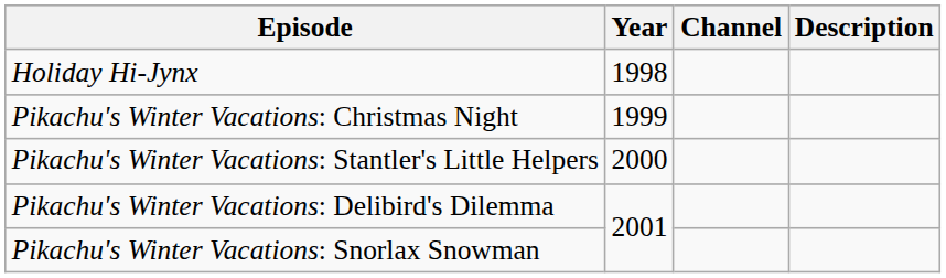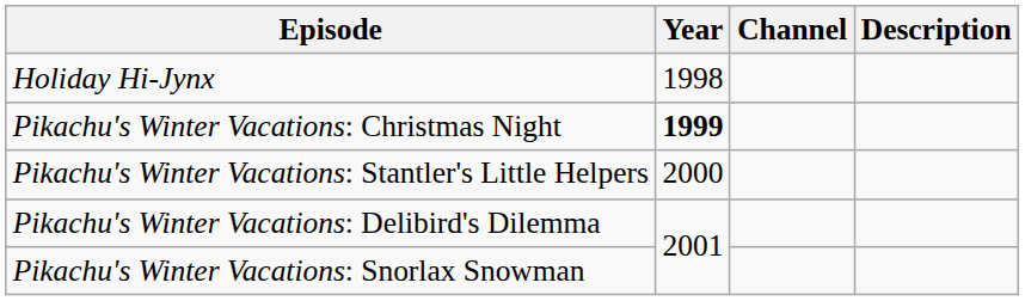 <table class="wikitable sortable">
 <tr>
 <th>Episode</th>
 <th>Year</th>
 <th>Channel</th>
 <th>Description</th>
 </tr>
 <tr>
 <td><em>Holiday Hi-Jynx</em></td>
 <td>1998</td>
 <td></td>
 <td></td>
 </tr>
 <tr>
 <td><em>Pikachu's Winter Vacations</em>: Christmas Night</td>
-<td>1999</td>
+<td><strong>1999</strong></td>
 <td></td>
 <td></td>
 </tr>
 <tr>
 <td><em>Pikachu's Winter Vacations</em>: Stantler's Little Helpers</td>
 <td>2000</td>
 <td></td>
 <td></td>
 </tr>
 <tr>
 <td><em>Pikachu's Winter Vacations</em>: Delibird's Dilemma</td>
 <td rowspan="2">2001</td>
 <td></td>
 <td></td>
 </tr>
 <tr>
 <td><em>Pikachu's Winter Vacations</em>: Snorlax Snowman</td>
 <td></td>
 <td></td>
 </tr>
 </table>
